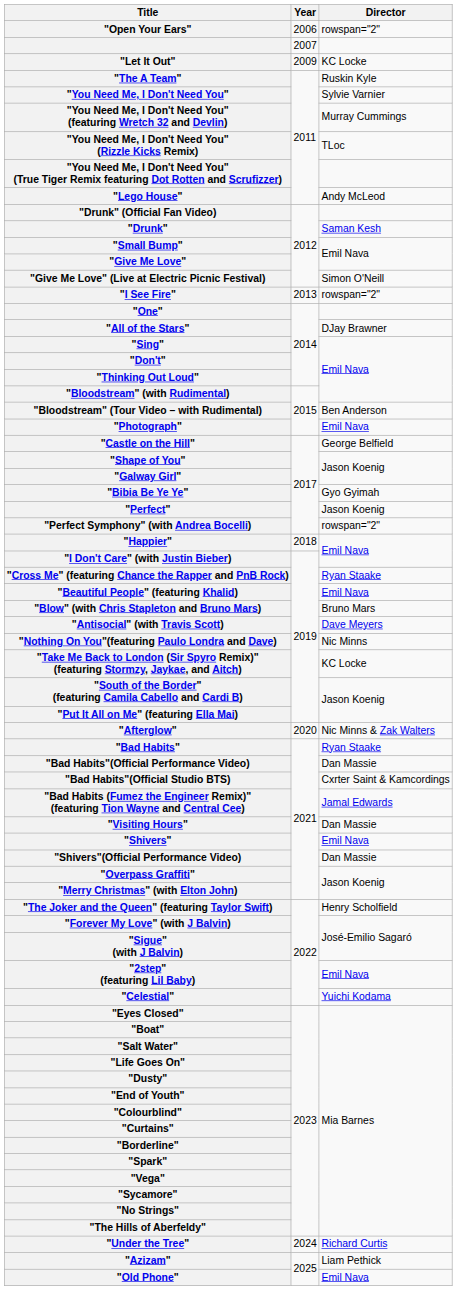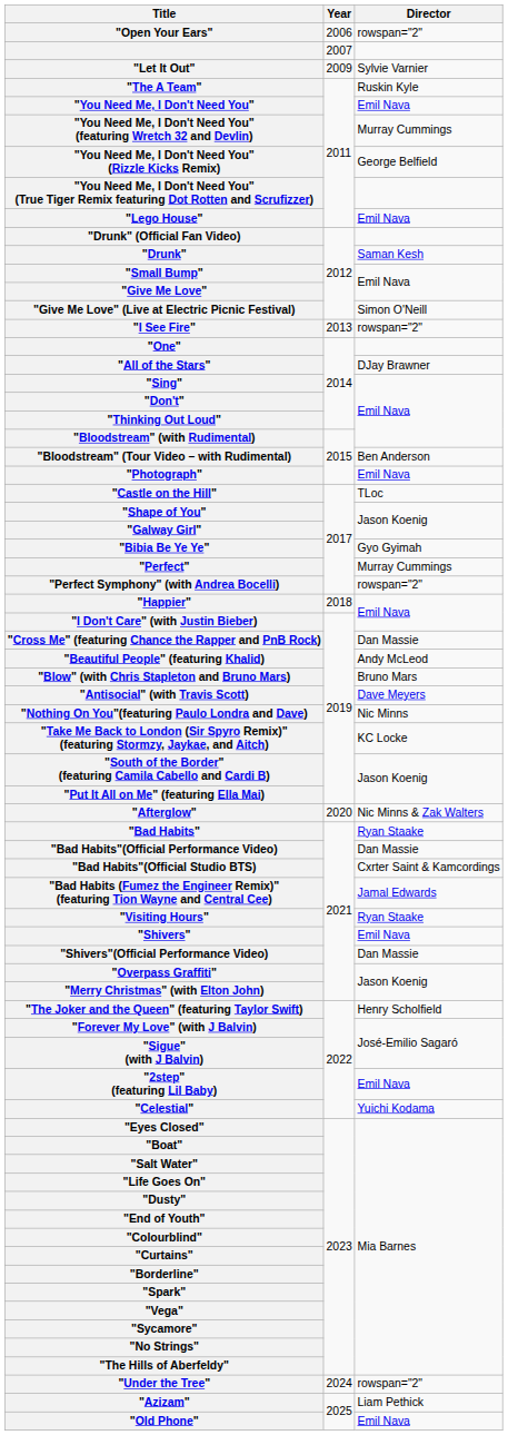 <table class="wikitable plainrowheaders">
 <tr>
 <th scope="col">Title</th>
 <th scope="col">Year</th>
 <th scope="col">Director</th>
 </tr>
 <tr>
 <th scope="row">"Open Your Ears"</th>
 <td>2006</td>
 <td>rowspan="2" </td>
 </tr>
 <tr>
 <th scope="row"></th>
 <td>2007</td>
 </tr>
 <tr>
 <th scope="row">"Let It Out"</th>
 <td>2009</td>
-<td>KC Locke</td>
+<td>Sylvie Varnier</td>
 </tr>
 <tr>
 <th scope="row">"<a href='#'>The A Team</a>"</th>
 <td rowspan="6">2011</td>
 <td>Ruskin Kyle</td>
 </tr>
 <tr>
 <th scope="row">"<a href='#'>You Need Me, I Don't Need You</a>"</th>
-<td>Sylvie Varnier</td>
+<td><a href='#'>Emil Nava</a></td>
 </tr>
 <tr>
 <th scope="row">"You Need Me, I Don't Need You" <br><span>(featuring <a href='#'>Wretch 32</a> and <a href='#'>Devlin</a>)</span></th>
 <td>Murray Cummings</td>
 </tr>
 <tr>
 <th scope="row">"You Need Me, I Don't Need You" <br><span>(<a href='#'>Rizzle Kicks</a> Remix)</span></th>
-<td>TLoc</td>
+<td>George Belfield</td>
 </tr>
 <tr>
 <th scope="row">"You Need Me, I Don't Need You" <br><span>(True Tiger Remix featuring <a href='#'>Dot Rotten</a> and <a href='#'>Scrufizzer</a>)</span></th>
 <td></td>
 </tr>
 <tr>
 <th scope="row">"<a href='#'>Lego House</a>"</th>
-<td>Andy McLeod</td>
+<td><a href='#'>Emil Nava</a></td>
 </tr>
 <tr>
 <th scope="row">"Drunk" <span>(Official Fan Video)</span></th>
 <td rowspan="5">2012</td>
 <td></td>
 </tr>
 <tr>
 <th scope="row">"<a href='#'>Drunk</a>"</th>
 <td><a href='#'>Saman Kesh</a></td>
 </tr>
 <tr>
 <th scope="row">"<a href='#'>Small Bump</a>"</th>
 <td rowspan="2">Emil Nava</td>
 </tr>
 <tr>
 <th scope="row">"<a href='#'>Give Me Love</a>"</th>
 </tr>
 <tr>
 <th scope="row">"Give Me Love" <span>(Live at Electric Picnic Festival)</span></th>
 <td>Simon O'Neill</td>
 </tr>
 <tr>
 <th scope="row">"<a href='#'>I See Fire</a>"</th>
 <td>2013</td>
 <td>rowspan="2" </td>
 </tr>
 <tr>
 <th scope="row">"<a href='#'>One</a>"</th>
 <td rowspan="5">2014</td>
 </tr>
 <tr>
 <th scope="row">"<a href='#'>All of the Stars</a>"</th>
 <td>DJay Brawner</td>
 </tr>
 <tr>
 <th scope="row">"<a href='#'>Sing</a>"</th>
 <td rowspan="4"><a href='#'>Emil Nava</a></td>
 </tr>
 <tr>
 <th scope="row">"<a href='#'>Don't</a>"</th>
 </tr>
 <tr>
 <th scope="row">"<a href='#'>Thinking Out Loud</a>"</th>
 </tr>
 <tr>
 <th scope="row">"<a href='#'>Bloodstream</a>" <span>(with <a href='#'>Rudimental</a>)</span></th>
 <td rowspan="3">2015</td>
 </tr>
 <tr>
 <th scope="row">"Bloodstream" <span>(Tour Video – with Rudimental)</span></th>
 <td>Ben Anderson</td>
 </tr>
 <tr>
 <th scope="row">"<a href='#'>Photograph</a>"</th>
 <td><a href='#'>Emil Nava</a></td>
 </tr>
 <tr>
 <th scope="row">"<a href='#'>Castle on the Hill</a>"</th>
 <td rowspan="6">2017</td>
-<td>George Belfield</td>
+<td>TLoc</td>
 </tr>
 <tr>
 <th scope="row">"<a href='#'>Shape of You</a>"</th>
 <td rowspan="2">Jason Koenig</td>
 </tr>
 <tr>
 <th scope="row">"<a href='#'>Galway Girl</a>"</th>
 </tr>
 <tr>
 <th scope="row">"<a href='#'>Bibia Be Ye Ye</a>"</th>
 <td>Gyo Gyimah</td>
 </tr>
 <tr>
 <th scope="row">"<a href='#'>Perfect</a>"</th>
-<td>Jason Koenig</td>
+<td>Murray Cummings</td>
 </tr>
 <tr>
 <th scope="row">"Perfect Symphony" <span>(with <a href='#'>Andrea Bocelli</a>)</span></th>
 <td>rowspan="2" </td>
 </tr>
 <tr>
 <th scope="row">"<a href='#'>Happier</a>"</th>
 <td>2018</td>
 <td rowspan="2"><a href='#'>Emil Nava</a></td>
 </tr>
 <tr>
 <th scope="row">"<a href='#'>I Don't Care</a>" <span>(with <a href='#'>Justin Bieber</a>)</span></th>
 <td rowspan="9">2019</td>
 </tr>
 <tr>
 <th scope="row">"<a href='#'>Cross Me</a>" <span>(featuring <a href='#'>Chance the Rapper</a> and <a href='#'>PnB Rock</a>)</span></th>
-<td><a href='#'>Ryan Staake</a></td>
+<td>Dan Massie</td>
 </tr>
 <tr>
 <th scope="row">"<a href='#'>Beautiful People</a>" <span>(featuring <a href='#'>Khalid</a>)</span></th>
-<td><a href='#'>Emil Nava</a></td>
+<td>Andy McLeod</td>
 </tr>
 <tr>
 <th scope="row">"<a href='#'>Blow</a>" <span>(with <a href='#'>Chris Stapleton</a> and <a href='#'>Bruno Mars</a>)</span></th>
 <td>Bruno Mars</td>
 </tr>
 <tr>
 <th scope="row">"<a href='#'>Antisocial</a>" <span>(with <a href='#'>Travis Scott</a>)</span></th>
 <td><a href='#'>Dave Meyers</a></td>
 </tr>
 <tr>
 <th scope="row">"<a href='#'>Nothing On You</a>"<span>(featuring <a href='#'>Paulo Londra</a> and <a href='#'>Dave</a>)</span></th>
 <td>Nic Minns</td>
 </tr>
 <tr>
 <th scope="row">"<a href='#'>Take Me Back to London</a> (<a href='#'>Sir Spyro</a> Remix)"<br><span>(featuring <a href='#'>Stormzy</a>, <a href='#'>Jaykae</a>, and <a href='#'>Aitch</a>)</span></th>
 <td>KC Locke</td>
 </tr>
 <tr>
 <th scope="row">"<a href='#'>South of the Border</a>" <br><span>(featuring <a href='#'>Camila Cabello</a> and <a href='#'>Cardi B</a>)</span></th>
 <td rowspan="2">Jason Koenig</td>
 </tr>
 <tr>
 <th scope="row">"<a href='#'>Put It All on Me</a>" <span>(featuring <a href='#'>Ella Mai</a>)</span></th>
 </tr>
 <tr>
 <th scope="row">"<a href='#'>Afterglow</a>"</th>
 <td>2020</td>
 <td>Nic Minns & <a href='#'>Zak Walters</a></td>
 </tr>
 <tr>
 <th scope="row">"<a href='#'>Bad Habits</a>"</th>
 <td rowspan="9">2021</td>
 <td><a href='#'>Ryan Staake</a></td>
 </tr>
 <tr>
 <th scope="row">"Bad Habits"<span>(Official Performance Video)</span></th>
 <td>Dan Massie</td>
 </tr>
 <tr>
 <th scope="row">"Bad Habits"<span>(Official Studio BTS)</span></th>
 <td>Cxrter Saint & Kamcordings</td>
 </tr>
 <tr>
 <th scope="row">"Bad Habits (<a href='#'>Fumez the Engineer</a> Remix)"<br><span>(featuring <a href='#'>Tion Wayne</a> and <a href='#'>Central Cee</a>)</span></th>
 <td><a href='#'>Jamal Edwards</a></td>
 </tr>
 <tr>
 <th scope="row">"<a href='#'>Visiting Hours</a>"</th>
-<td>Dan Massie</td>
+<td><a href='#'>Ryan Staake</a></td>
 </tr>
 <tr>
 <th scope="row">"<a href='#'>Shivers</a>"</th>
 <td><a href='#'>Emil Nava</a></td>
 </tr>
 <tr>
 <th scope="row">"Shivers"<span>(Official Performance Video)</span></th>
 <td>Dan Massie</td>
 </tr>
 <tr>
 <th scope="row">"<a href='#'>Overpass Graffiti</a>"</th>
 <td rowspan="2">Jason Koenig</td>
 </tr>
 <tr>
 <th scope="row">"<a href='#'>Merry Christmas</a>" <span>(with <a href='#'>Elton John</a>)</span></th>
 </tr>
 <tr>
 <th scope="row">"<a href='#'>The Joker and the Queen</a>"<span> (featuring <a href='#'>Taylor Swift</a>)</span></th>
 <td rowspan="5">2022</td>
 <td>Henry Scholfield</td>
 </tr>
 <tr>
 <th scope="row">"<a href='#'>Forever My Love</a>"<span> (with <a href='#'>J Balvin</a>)</span></th>
 <td rowspan="2">José-Emilio Sagaró</td>
 </tr>
 <tr>
 <th scope="row">"<a href='#'>Sigue</a>"<br><span> (with <a href='#'>J Balvin</a>)</span></th>
 </tr>
 <tr>
 <th scope="row">"<a href='#'>2step</a>"<br><span> (featuring <a href='#'>Lil Baby</a>)</span></th>
 <td><a href='#'>Emil Nava</a></td>
 </tr>
 <tr>
 <th scope="row">"<a href='#'>Celestial</a>"</th>
 <td><a href='#'>Yuichi Kodama</a></td>
 </tr>
 <tr>
 <th scope="row">"Eyes Closed"</th>
 <td rowspan="14">2023</td>
 <td rowspan="14">Mia Barnes</td>
 </tr>
 <tr>
 <th scope="row">"Boat"</th>
 </tr>
 <tr>
 <th scope="row">"Salt Water"</th>
 </tr>
 <tr>
 <th scope="row">"Life Goes On"</th>
 </tr>
 <tr>
 <th scope="row">"Dusty"</th>
 </tr>
 <tr>
 <th scope="row">"End of Youth"</th>
 </tr>
 <tr>
 <th scope="row">"Colourblind"</th>
 </tr>
 <tr>
 <th scope="row">"Curtains"</th>
 </tr>
 <tr>
 <th scope="row">"Borderline"</th>
 </tr>
 <tr>
 <th scope="row">"Spark"</th>
 </tr>
 <tr>
 <th scope="row">"Vega"</th>
 </tr>
 <tr>
 <th scope="row">"Sycamore"</th>
 </tr>
 <tr>
 <th scope="row">"No Strings"</th>
 </tr>
 <tr>
 <th scope="row">"The Hills of Aberfeldy"</th>
 </tr>
 <tr>
 <th scope="row">"<a href='#'>Under the Tree</a>"</th>
 <td>2024</td>
-<td><a href='#'>Richard Curtis</a></td>
+<td>rowspan="2" </td>
 </tr>
 <tr>
 <th scope="row">"<a href='#'>Azizam</a>"</th>
 <td rowspan="2">2025</td>
 <td>Liam Pethick</td>
 </tr>
 <tr>
 <th>"<a href='#'>Old Phone</a>"</th>
 <td><a href='#'>Emil Nava</a></td>
 </tr>
 </table>
